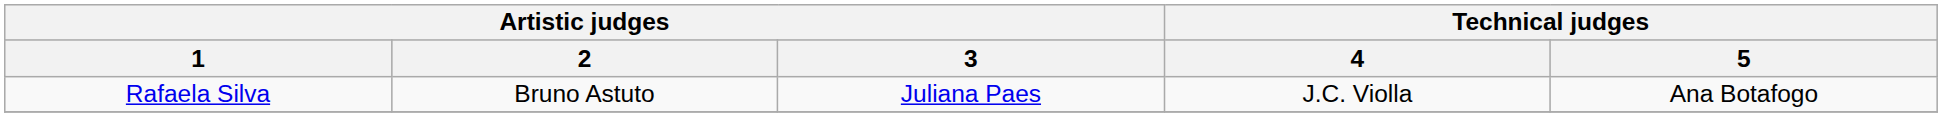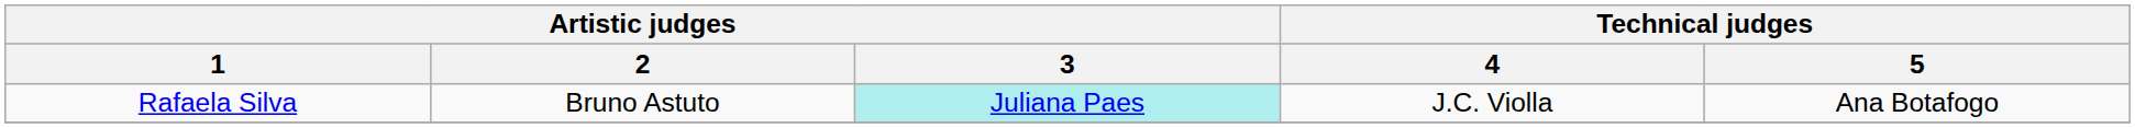 <table class="wikitable" style="font-size:100%; line-height:16px; text-align:center" width="100%">
 <tr>
 <th colspan=3>Artistic judges</th>
 <th colspan=2>Technical judges</th>
 </tr>
 <tr>
 <th style="width:20.0%;">1</th>
 <th style="width:20.0%;">2</th>
 <th style="width:20.0%;">3</th>
 <th style="width:20.0%;">4</th>
 <th style="width:20.0%;">5</th>
 </tr>
 <tr>
 <td><a href='#'>Rafaela Silva</a></td>
 <td>Bruno Astuto</td>
-<td><a href='#'>Juliana Paes</a></td>
+<td style="background: paleturquoise;"><a href='#'>Juliana Paes</a></td>
 <td>J.C. Violla</td>
 <td>Ana Botafogo</td>
 </tr>
 <tr>
 </tr>
 </table>
